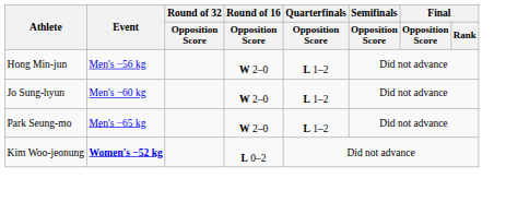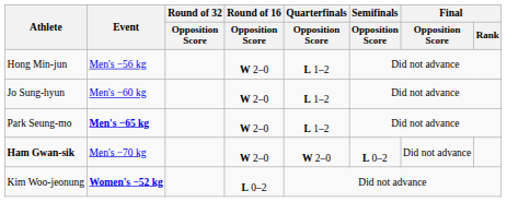 <table class=wikitable style=font-size:90%;text-align:center>
 <tr>
 <th rowspan=2>Athlete</th>
 <th rowspan=2>Event</th>
 <th>Round of 32</th>
 <th>Round of 16</th>
 <th>Quarterfinals</th>
 <th>Semifinals</th>
 <th colspan=2>Final</th>
 </tr>
 <tr style=font-size:95%>
 <th>Opposition<br>Score</th>
 <th>Opposition<br>Score</th>
 <th>Opposition<br>Score</th>
 <th>Opposition<br>Score</th>
 <th>Opposition<br>Score</th>
 <th>Rank</th>
 </tr>
 <tr>
 <td align=left>Hong Min-jun</td>
 <td align=left><a href='#'>Men's −56 kg</a></td>
 <td></td>
 <td><br><strong>W</strong> 2–0</td>
 <td><br><strong>L</strong> 1–2</td>
 <td colspan=3>Did not advance</td>
 </tr>
 <tr>
 <td align=left>Jo Sung-hyun</td>
 <td align=left><a href='#'>Men's −60 kg</a></td>
 <td></td>
 <td><br><strong>W</strong> 2–0</td>
 <td><br><strong>L</strong> 1–2</td>
 <td colspan=3>Did not advance</td>
 </tr>
 <tr>
 <td align=left>Park Seung-mo</td>
-<td align=left><a href='#'>Men's −65 kg</a></td>
+<td align=left><strong><a href='#'>Men's −65 kg</a></strong></td>
 <td></td>
 <td><br><strong>W</strong> 2–0</td>
 <td><br><strong>L</strong> 1–2</td>
 <td colspan=3>Did not advance</td>
+</tr>
+<tr>
+<td align=left><strong>Ham Gwan-sik</strong></td>
+<td align=left><a href='#'>Men's −70 kg</a></td>
+<td></td>
+<td><br><strong>W</strong> 2–0</td>
+<td><br><strong>W</strong> 2–0</td>
+<td><br><strong>L</strong> 0–2</td>
+<td>Did not advance</td>
+<td></td>
 </tr>
 <tr>
 <td align=left>Kim Woo-jeonung</td>
 <td align=left><strong><a href='#'>Women's −52 kg</a></strong></td>
 <td></td>
 <td><br><strong>L</strong> 0–2</td>
 <td colspan=4>Did not advance</td>
 </tr>
 </table>
